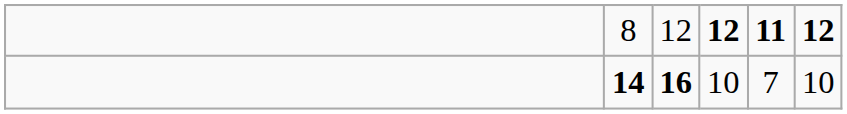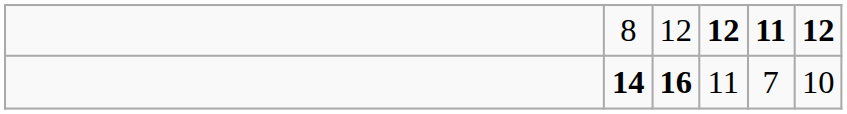 <table class="wikitable">
 <tr>
 <td style="width:18em"></td>
 <td align=center style="width:1em">8</td>
 <td align=center style="width:1em">12</td>
 <td align=center style="width:1em"><strong>12</strong></td>
 <td align=center style="width:1em"><strong>11</strong></td>
 <td align=center style="width:1em"><strong>12</strong></td>
 </tr>
 <tr>
 <td style="width:18em"></td>
 <td align=center style="width:1em"><strong>14</strong></td>
 <td align=center style="width:1em"><strong>16</strong></td>
-<td align=center style="width:1em">10</td>
+<td align=center style="width:1em">11</td>
 <td align=center style="width:1em">7</td>
 <td align=center style="width:1em">10</td>
 </tr>
 </table>
